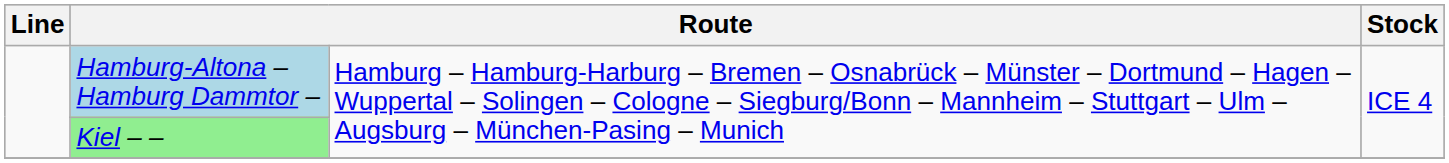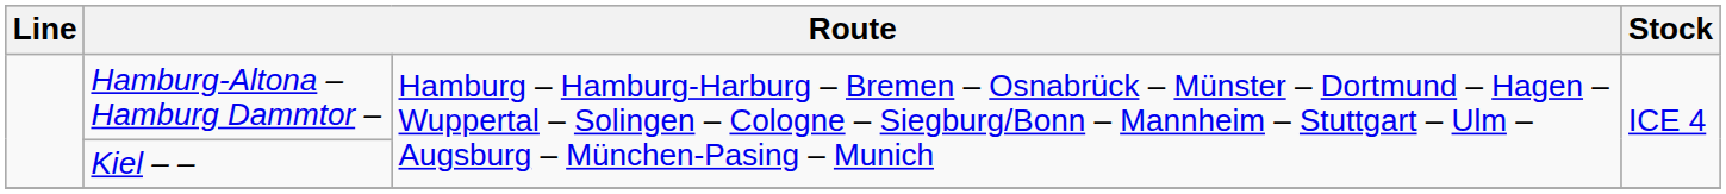 <table class="wikitable" width="100%">
 <tr class="hintergrundfarbe5">
 <th>Line</th>
 <th colspan="2">Route</th>
 <th>Stock</th>
 </tr>
 <tr>
 <td rowspan="2"></td>
-<td style="background: lightblue;"><em><a href='#'>Hamburg-Altona</a> – <a href='#'>Hamburg Dammtor</a> –</em></td>
+<td><em><a href='#'>Hamburg-Altona</a> – <a href='#'>Hamburg Dammtor</a> –</em></td>
 <td rowspan="2"><a href='#'>Hamburg</a> – <a href='#'>Hamburg-Harburg</a> – <a href='#'>Bremen</a> – <a href='#'>Osnabrück</a> – <a href='#'>Münster</a> – <a href='#'>Dortmund</a> – <a href='#'>Hagen</a> – <a href='#'>Wuppertal</a> – <a href='#'>Solingen</a> – <a href='#'>Cologne</a> – <a href='#'>Siegburg/Bonn</a> –  <a href='#'>Mannheim</a> – <a href='#'>Stuttgart</a> – <a href='#'>Ulm</a> – <a href='#'>Augsburg</a> – <a href='#'>München-Pasing</a> – <a href='#'>Munich</a></td>
 <td rowspan="2"><a href='#'>ICE 4</a></td>
 </tr>
 <tr>
-<td style="background: lightgreen;"><em><a href='#'>Kiel</a> –  –</em></td>
+<td><em><a href='#'>Kiel</a> –  –</em></td>
 </tr>
 <tr>
 </tr>
 </table>
